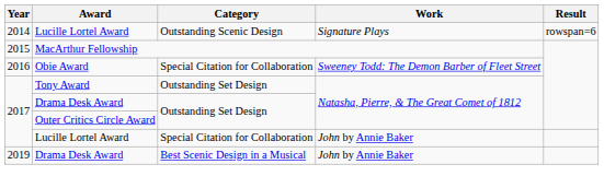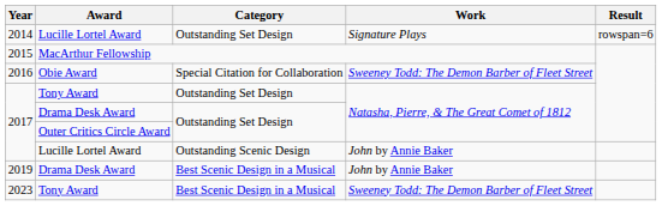 <table class="wikitable">
 <tr>
 <th>Year</th>
 <th><strong>Award</strong></th>
 <th><strong>Category</strong></th>
 <th><strong>Work</strong></th>
 <th><strong>Result</strong></th>
 </tr>
 <tr>
 <td>2014</td>
 <td><a href='#'>Lucille Lortel Award</a></td>
-<td>Outstanding Scenic Design</td>
+<td>Outstanding Set Design</td>
 <td><em>Signature Plays</em></td>
 <td>rowspan=6 </td>
 </tr>
 <tr>
 <td>2015</td>
 <td colspan="3"><a href='#'>MacArthur Fellowship</a></td>
 </tr>
 <tr>
 <td>2016</td>
 <td><a href='#'>Obie Award</a></td>
 <td>Special Citation for Collaboration</td>
 <td><em><a href='#'>Sweeney Todd: The Demon Barber of Fleet Street</a></em></td>
 </tr>
 <tr>
 <td rowspan="4">2017</td>
 <td><a href='#'>Tony Award</a></td>
 <td>Outstanding Set Design</td>
 <td rowspan="3"><em><a href='#'>Natasha, Pierre, & The Great Comet of 1812</a></em></td>
 </tr>
 <tr>
 <td><a href='#'>Drama Desk Award</a></td>
 <td rowspan="2">Outstanding Set Design</td>
 </tr>
 <tr>
 <td><a href='#'>Outer Critics Circle Award</a></td>
 </tr>
 <tr>
 <td>Lucille Lortel Award</td>
-<td>Special Citation for Collaboration</td>
+<td>Outstanding Scenic Design</td>
 <td><em>John</em> by <a href='#'>Annie Baker</a></td>
 <td></td>
 </tr>
 <tr>
 <td>2019</td>
 <td><a href='#'>Drama Desk Award</a></td>
 <td><a href='#'>Best Scenic Design in a Musical</a></td>
 <td><em>John</em> by <a href='#'>Annie Baker</a></td>
 <td></td>
 </tr>
+<tr>
+<td>2023</td>
+<td><a href='#'>Tony Award</a></td>
+<td><a href='#'>Best Scenic Design in a Musical</a></td>
+<td><em><a href='#'>Sweeney Todd: The Demon Barber of Fleet Street</a></em></td>
+<td></td>
+</tr>
 </table>
